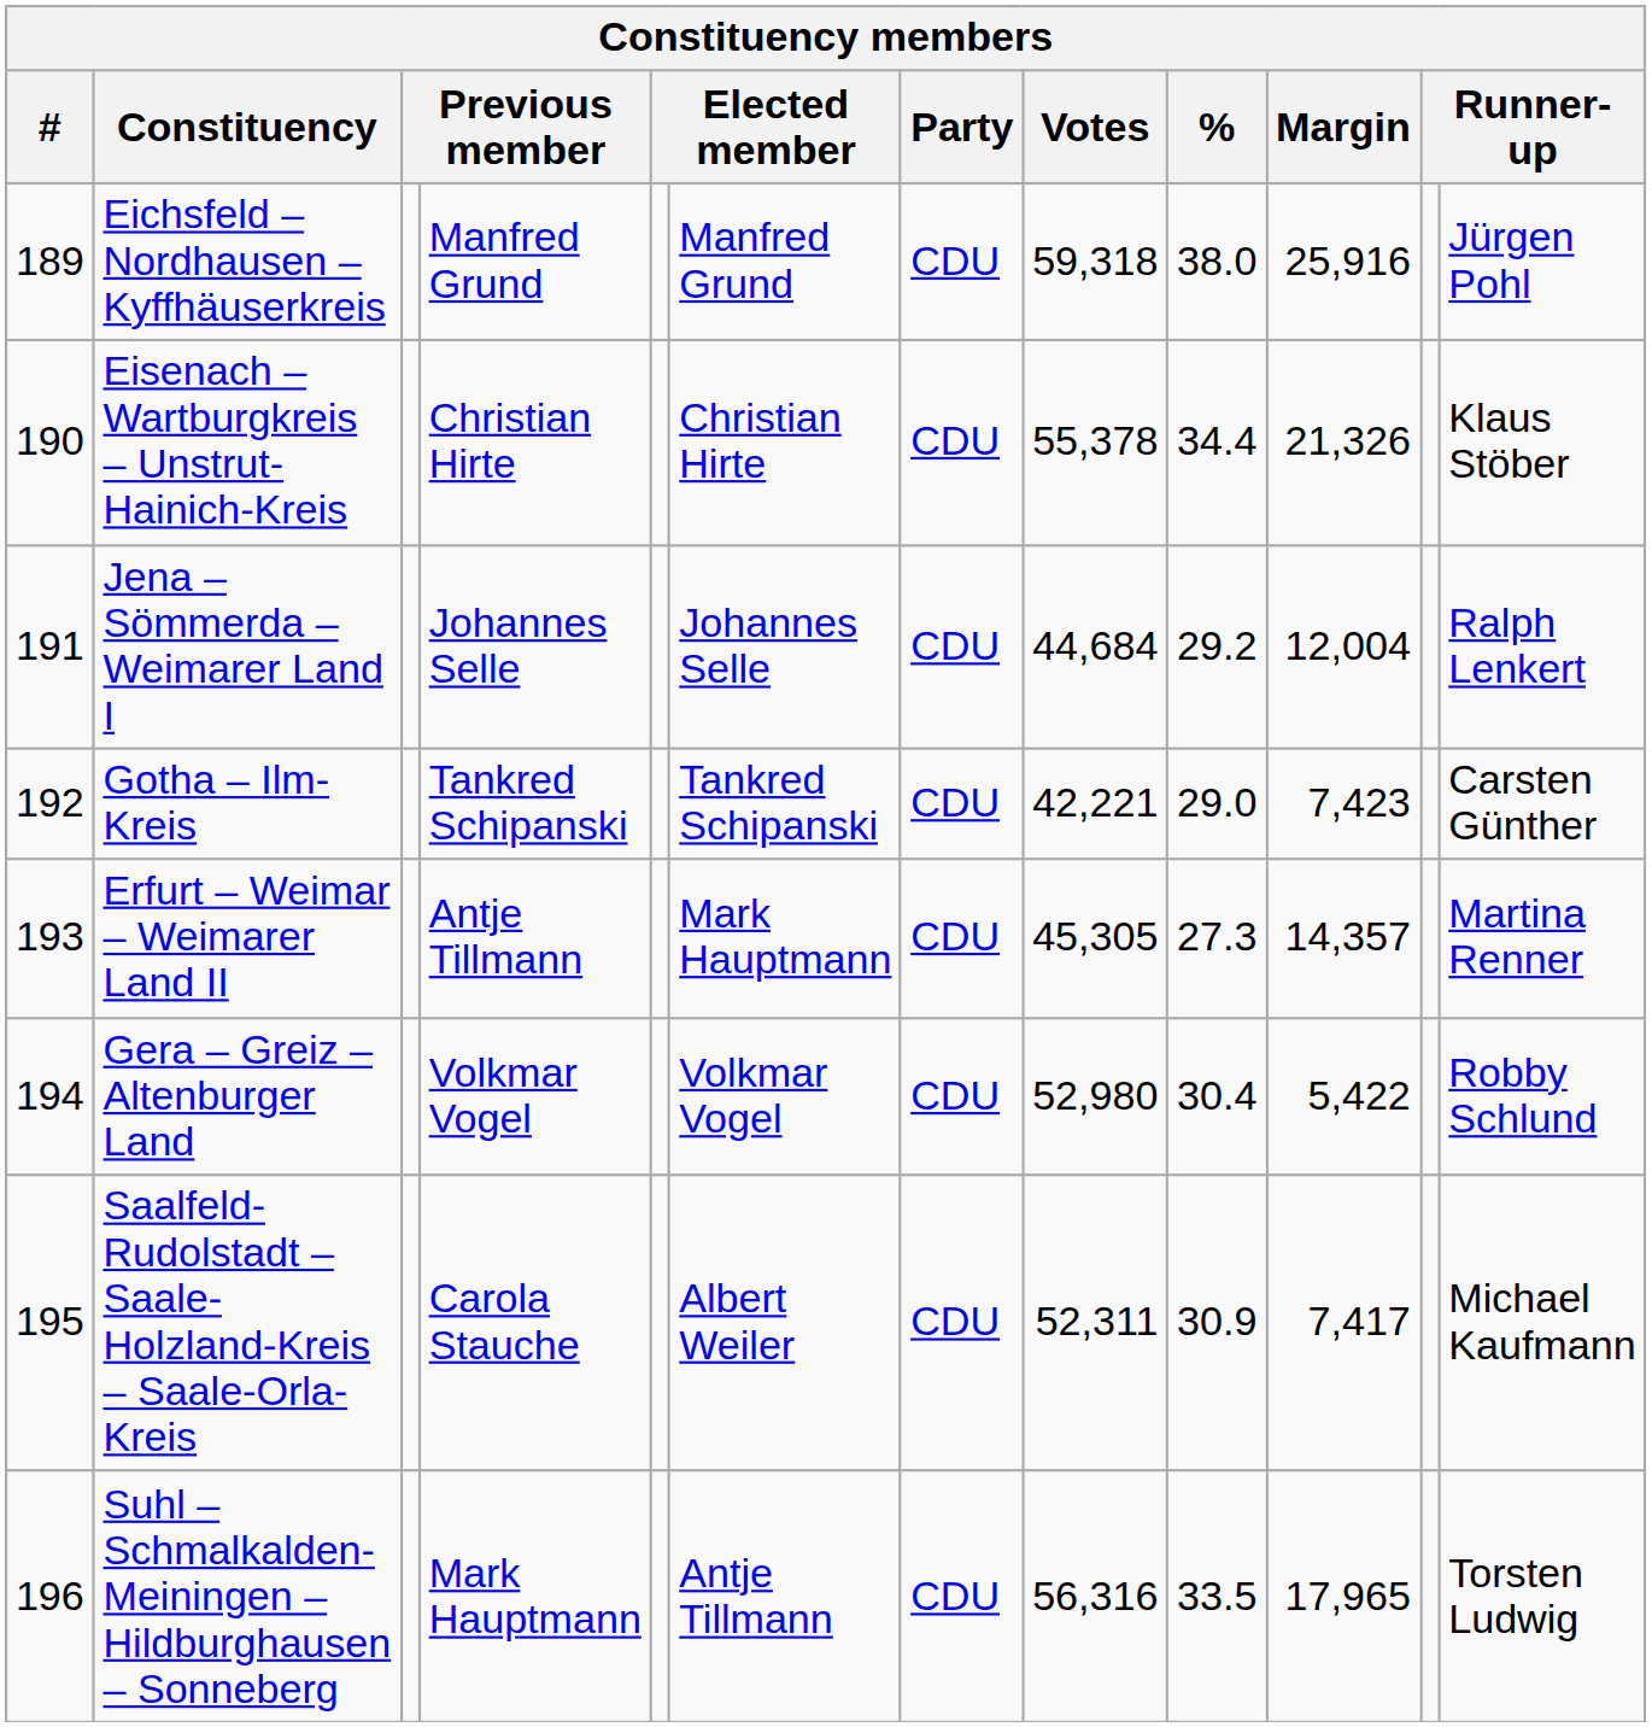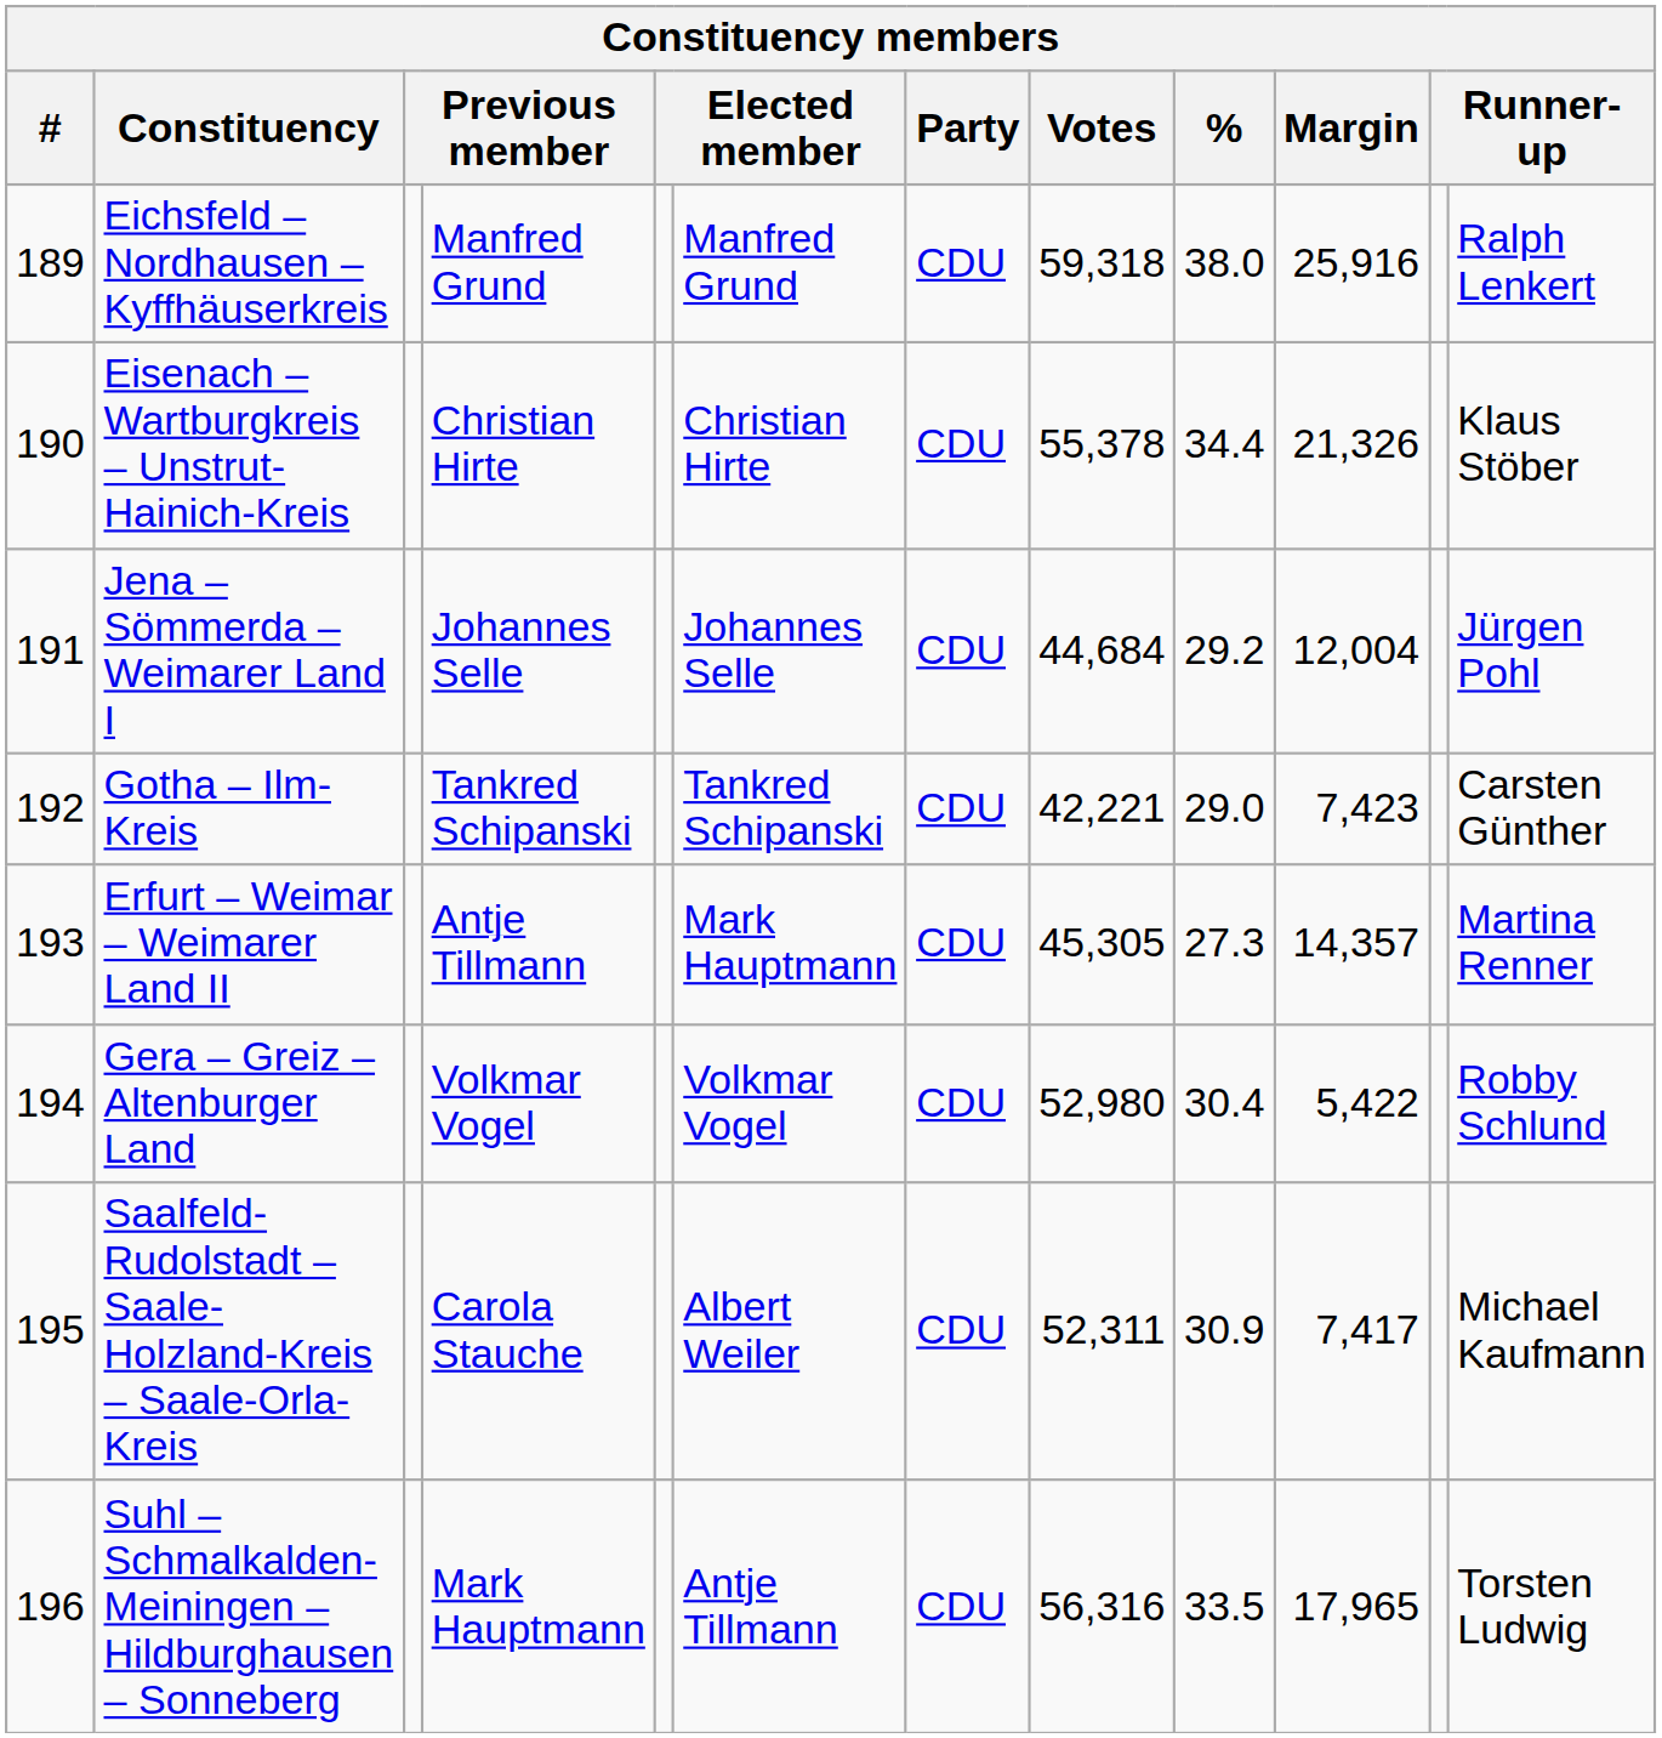 <table class="wikitable sortable" style="text-align:right">
 <tr>
 <th colspan="12">Constituency members</th>
 </tr>
 <tr>
 <th>#</th>
 <th>Constituency</th>
 <th colspan="2">Previous member</th>
 <th colspan="2">Elected member</th>
 <th>Party</th>
 <th>Votes</th>
 <th>%</th>
 <th>Margin</th>
 <th colspan="2">Runner-up</th>
 </tr>
 <tr>
 <td>189</td>
 <td align=left><a href='#'>Eichsfeld – Nordhausen – Kyffhäuserkreis</a></td>
 <td bgcolor=></td>
 <td align=left><a href='#'>Manfred Grund</a></td>
 <td bgcolor=></td>
 <td align=left><a href='#'>Manfred Grund</a></td>
 <td align=left><a href='#'>CDU</a></td>
 <td>59,318</td>
 <td>38.0</td>
 <td>25,916</td>
 <td bgcolor=></td>
-<td align=left><a href='#'>Jürgen Pohl</a></td>
+<td align=left><a href='#'>Ralph Lenkert</a></td>
 </tr>
 <tr>
 <td>190</td>
 <td align=left><a href='#'>Eisenach – Wartburgkreis – Unstrut-Hainich-Kreis</a></td>
 <td bgcolor=></td>
 <td align=left><a href='#'>Christian Hirte</a></td>
 <td bgcolor=></td>
 <td align=left><a href='#'>Christian Hirte</a></td>
 <td align=left><a href='#'>CDU</a></td>
 <td>55,378</td>
 <td>34.4</td>
 <td>21,326</td>
 <td bgcolor=></td>
 <td align=left>Klaus Stöber</td>
 </tr>
 <tr>
 <td>191</td>
 <td align=left><a href='#'>Jena – Sömmerda – Weimarer Land I</a></td>
 <td bgcolor=></td>
 <td align=left><a href='#'>Johannes Selle</a></td>
 <td bgcolor=></td>
 <td align=left><a href='#'>Johannes Selle</a></td>
 <td align=left><a href='#'>CDU</a></td>
 <td>44,684</td>
 <td>29.2</td>
 <td>12,004</td>
 <td bgcolor=></td>
-<td align=left><a href='#'>Ralph Lenkert</a></td>
+<td align=left><a href='#'>Jürgen Pohl</a></td>
 </tr>
 <tr>
 <td>192</td>
 <td align=left><a href='#'>Gotha – Ilm-Kreis</a></td>
 <td bgcolor=></td>
 <td align=left><a href='#'>Tankred Schipanski</a></td>
 <td bgcolor=></td>
 <td align=left><a href='#'>Tankred Schipanski</a></td>
 <td align=left><a href='#'>CDU</a></td>
 <td>42,221</td>
 <td>29.0</td>
 <td>7,423</td>
 <td bgcolor=></td>
 <td align=left>Carsten Günther</td>
 </tr>
 <tr>
 <td>193</td>
 <td align=left><a href='#'>Erfurt – Weimar – Weimarer Land II</a></td>
 <td bgcolor=></td>
 <td align=left><a href='#'>Antje Tillmann</a></td>
 <td bgcolor=></td>
 <td align=left><a href='#'>Mark Hauptmann</a></td>
 <td align=left><a href='#'>CDU</a></td>
 <td>45,305</td>
 <td>27.3</td>
 <td>14,357</td>
 <td bgcolor=></td>
 <td align=left><a href='#'>Martina Renner</a></td>
 </tr>
 <tr>
 <td>194</td>
 <td align=left><a href='#'>Gera – Greiz – Altenburger Land</a></td>
 <td bgcolor=></td>
 <td align=left><a href='#'>Volkmar Vogel</a></td>
 <td bgcolor=></td>
 <td align=left><a href='#'>Volkmar Vogel</a></td>
 <td align=left><a href='#'>CDU</a></td>
 <td>52,980</td>
 <td>30.4</td>
 <td>5,422</td>
 <td bgcolor=></td>
 <td align=left><a href='#'>Robby Schlund</a></td>
 </tr>
 <tr>
 <td>195</td>
 <td align=left><a href='#'>Saalfeld-Rudolstadt – Saale-Holzland-Kreis – Saale-Orla-Kreis</a></td>
 <td bgcolor=></td>
 <td align=left><a href='#'>Carola Stauche</a></td>
 <td></td>
 <td align=left><a href='#'>Albert Weiler</a></td>
 <td align=left><a href='#'>CDU</a></td>
 <td>52,311</td>
 <td>30.9</td>
 <td>7,417</td>
 <td bgcolor=></td>
 <td align=left>Michael Kaufmann</td>
 </tr>
 <tr>
 <td>196</td>
 <td align=left><a href='#'>Suhl – Schmalkalden-Meiningen – Hildburghausen – Sonneberg</a></td>
 <td bgcolor=></td>
 <td align=left><a href='#'>Mark Hauptmann</a></td>
 <td bgcolor=></td>
 <td align=left><a href='#'>Antje Tillmann</a></td>
 <td align=left><a href='#'>CDU</a></td>
 <td>56,316</td>
 <td>33.5</td>
 <td>17,965</td>
 <td bgcolor=></td>
 <td align=left>Torsten Ludwig</td>
 </tr>
 </table>
